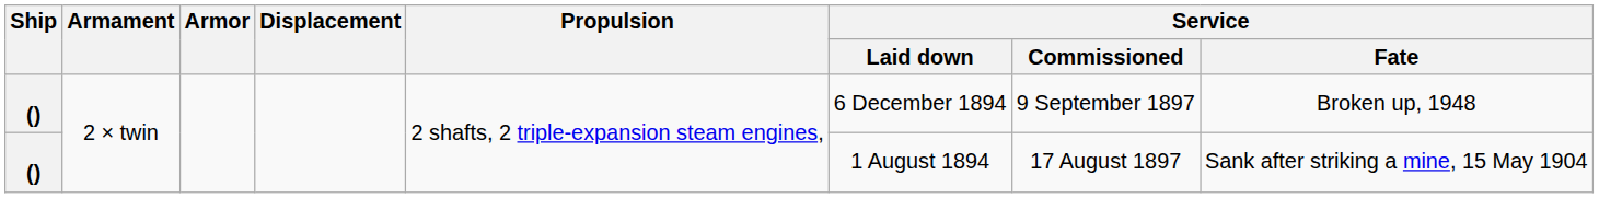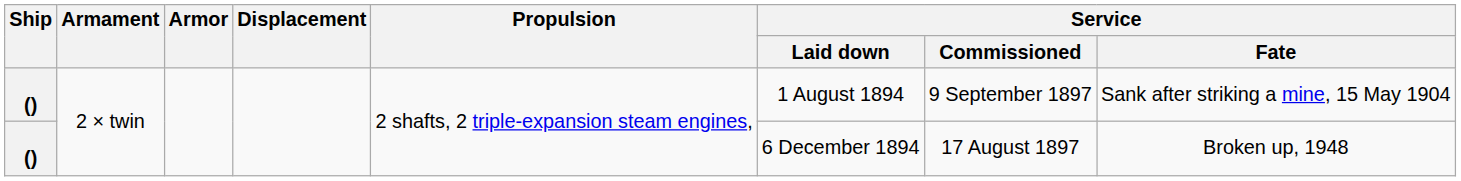 <table class="wikitable plainrowheaders" style="text-align: center;">
 <tr valign="top">
 <th scope="col" rowspan="2">Ship</th>
 <th scope="col" rowspan="2">Armament</th>
 <th scope="col" rowspan="2">Armor</th>
 <th scope="col" rowspan="2">Displacement</th>
 <th scope="col" rowspan="2">Propulsion</th>
 <th scope="col" colspan="3">Service</th>
 </tr>
 <tr valign="top">
 <th scope="col">Laid down</th>
 <th scope="col">Commissioned</th>
 <th scope="col">Fate</th>
 </tr>
 <tr valign="center">
 <th scope="row"><br>()</th>
 <td rowspan="2">2 × twin </td>
 <td rowspan="2"></td>
 <td rowspan="2"></td>
 <td rowspan="2">2 shafts, 2 <a href='#'>triple-expansion steam engines</a>,<br></td>
-<td>6 December 1894</td>
+<td>1 August 1894</td>
 <td>9 September 1897</td>
-<td>Broken up, 1948</td>
+<td>Sank after striking a <a href='#'>mine</a>, 15 May 1904</td>
 </tr>
 <tr valign="center">
 <th scope="row"><br>()</th>
-<td>1 August 1894</td>
+<td>6 December 1894</td>
 <td>17 August 1897</td>
-<td>Sank after striking a <a href='#'>mine</a>, 15 May 1904</td>
+<td>Broken up, 1948</td>
 </tr>
 </table>
